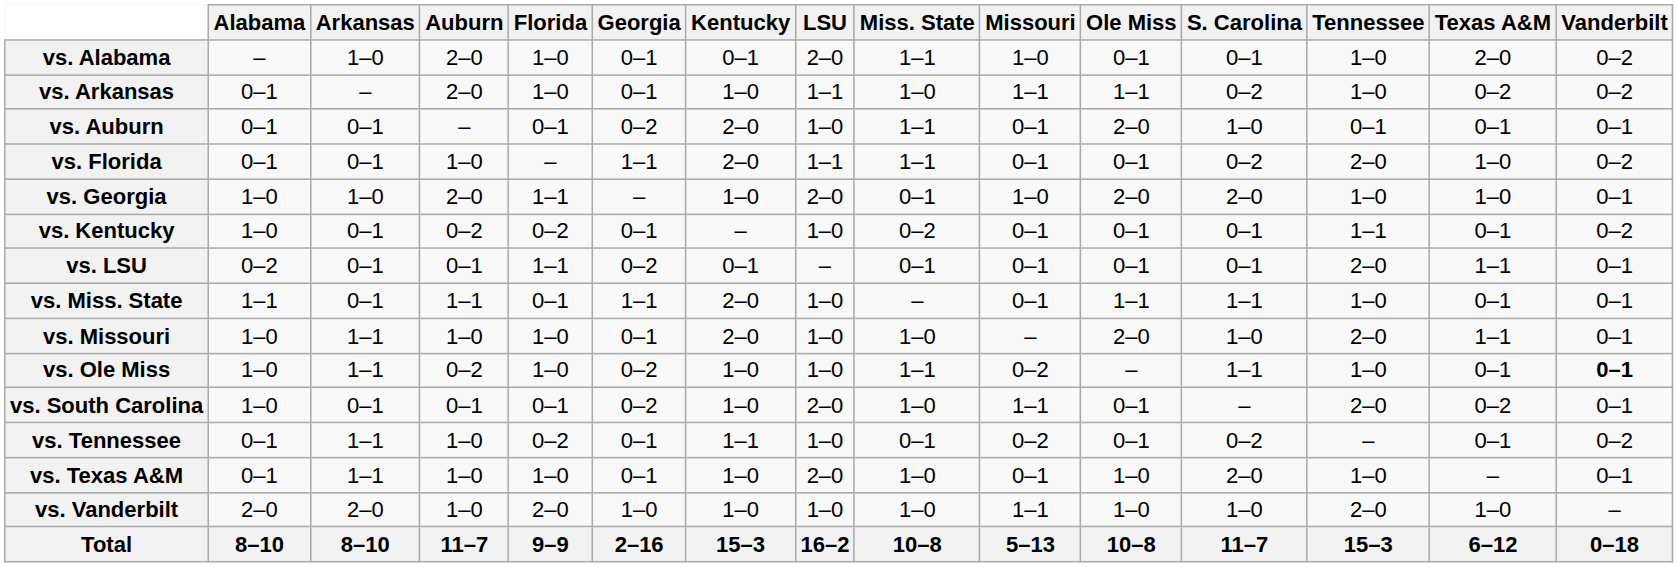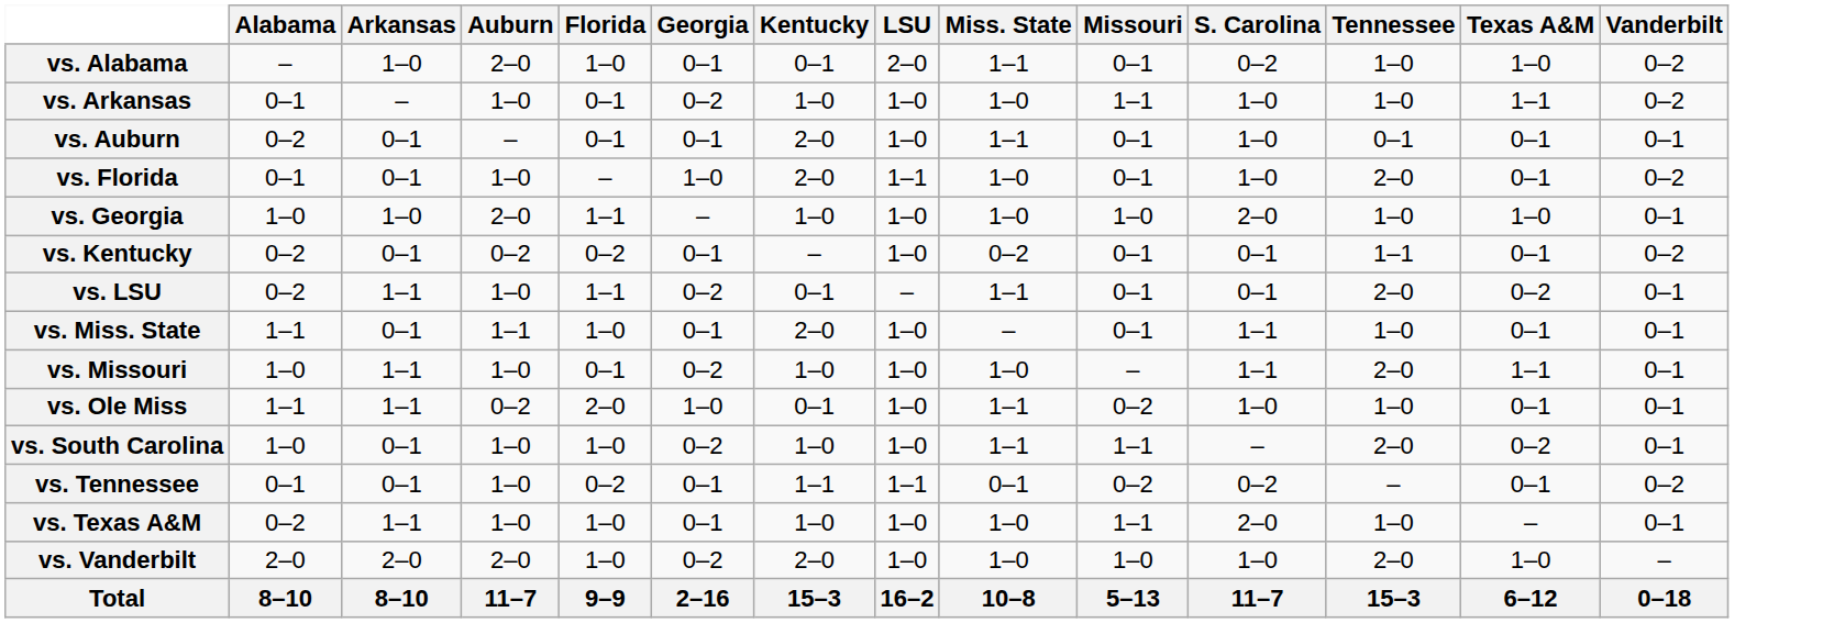 <table class="wikitable" style="white-space:nowrap; font-size:90%;">
 <tr>
 <td style="background:white; border-top-style:hidden; border-left-style:hidden;"></td>
 <th>Alabama</th>
 <th>Arkansas</th>
 <th>Auburn</th>
 <th>Florida</th>
 <th>Georgia</th>
 <th>Kentucky</th>
 <th>LSU</th>
 <th>Miss. State</th>
 <th>Missouri</th>
-<th>Ole Miss</th>
 <th>S. Carolina</th>
 <th>Tennessee</th>
 <th>Texas A&M</th>
 <th>Vanderbilt</th>
 </tr>
 <tr style="text-align:center;">
 <th>vs. Alabama</th>
 <td>–</td>
 <td>1–0</td>
 <td>2–0</td>
 <td>1–0</td>
 <td>0–1</td>
 <td>0–1</td>
 <td>2–0</td>
 <td>1–1</td>
+<td>0–1</td>
+<td>0–2</td>
 <td>1–0</td>
-<td>0–1</td>
-<td>0–1</td>
 <td>1–0</td>
-<td>2–0</td>
 <td>0–2</td>
 </tr>
 <tr style="text-align:center;">
 <th>vs. Arkansas</th>
 <td>0–1</td>
 <td>–</td>
-<td>2–0</td>
 <td>1–0</td>
 <td>0–1</td>
+<td>0–2</td>
+<td>1–0</td>
+<td>1–0</td>
 <td>1–0</td>
 <td>1–1</td>
 <td>1–0</td>
+<td>1–0</td>
 <td>1–1</td>
-<td>1–1</td>
-<td>0–2</td>
-<td>1–0</td>
-<td>0–2</td>
 <td>0–2</td>
 </tr>
 <tr style="text-align:center;">
 <th>vs. Auburn</th>
-<td>0–1</td>
+<td>0–2</td>
 <td>0–1</td>
 <td>–</td>
 <td>0–1</td>
-<td>0–2</td>
+<td>0–1</td>
 <td>2–0</td>
 <td>1–0</td>
 <td>1–1</td>
 <td>0–1</td>
-<td>2–0</td>
 <td>1–0</td>
 <td>0–1</td>
 <td>0–1</td>
 <td>0–1</td>
 </tr>
 <tr style="text-align:center;">
 <th>vs. Florida</th>
 <td>0–1</td>
 <td>0–1</td>
 <td>1–0</td>
 <td>–</td>
-<td>1–1</td>
+<td>1–0</td>
 <td>2–0</td>
 <td>1–1</td>
-<td>1–1</td>
+<td>1–0</td>
 <td>0–1</td>
+<td>1–0</td>
+<td>2–0</td>
 <td>0–1</td>
-<td>0–2</td>
-<td>2–0</td>
-<td>1–0</td>
 <td>0–2</td>
 </tr>
 <tr style="text-align:center;">
 <th>vs. Georgia</th>
 <td>1–0</td>
 <td>1–0</td>
 <td>2–0</td>
 <td>1–1</td>
 <td>–</td>
 <td>1–0</td>
-<td>2–0</td>
-<td>0–1</td>
 <td>1–0</td>
-<td>2–0</td>
+<td>1–0</td>
+<td>1–0</td>
 <td>2–0</td>
 <td>1–0</td>
 <td>1–0</td>
 <td>0–1</td>
 </tr>
 <tr style="text-align:center;">
 <th>vs. Kentucky</th>
-<td>1–0</td>
+<td>0–2</td>
 <td>0–1</td>
 <td>0–2</td>
 <td>0–2</td>
 <td>0–1</td>
 <td>–</td>
 <td>1–0</td>
 <td>0–2</td>
 <td>0–1</td>
 <td>0–1</td>
-<td>0–1</td>
 <td>1–1</td>
 <td>0–1</td>
 <td>0–2</td>
 </tr>
 <tr style="text-align:center;">
 <th>vs. LSU</th>
 <td>0–2</td>
-<td>0–1</td>
-<td>0–1</td>
+<td>1–1</td>
+<td>1–0</td>
 <td>1–1</td>
 <td>0–2</td>
 <td>0–1</td>
 <td>–</td>
-<td>0–1</td>
-<td>0–1</td>
+<td>1–1</td>
 <td>0–1</td>
 <td>0–1</td>
 <td>2–0</td>
-<td>1–1</td>
+<td>0–2</td>
 <td>0–1</td>
 </tr>
 <tr style="text-align:center;">
 <th>vs. Miss. State</th>
 <td>1–1</td>
 <td>0–1</td>
 <td>1–1</td>
+<td>1–0</td>
 <td>0–1</td>
-<td>1–1</td>
 <td>2–0</td>
 <td>1–0</td>
 <td>–</td>
 <td>0–1</td>
-<td>1–1</td>
 <td>1–1</td>
 <td>1–0</td>
 <td>0–1</td>
 <td>0–1</td>
 </tr>
 <tr style="text-align:center;">
 <th>vs. Missouri</th>
 <td>1–0</td>
 <td>1–1</td>
 <td>1–0</td>
+<td>0–1</td>
+<td>0–2</td>
 <td>1–0</td>
-<td>0–1</td>
-<td>2–0</td>
 <td>1–0</td>
 <td>1–0</td>
 <td>–</td>
-<td>2–0</td>
-<td>1–0</td>
+<td>1–1</td>
 <td>2–0</td>
 <td>1–1</td>
 <td>0–1</td>
 </tr>
 <tr style="text-align:center;">
 <th>vs. Ole Miss</th>
+<td>1–1</td>
+<td>1–1</td>
+<td>0–2</td>
+<td>2–0</td>
+<td>1–0</td>
+<td>0–1</td>
 <td>1–0</td>
 <td>1–1</td>
 <td>0–2</td>
+<td>1–0</td>
+<td>1–0</td>
+<td>0–1</td>
+<td>0–1</td>
+</tr>
+<tr style="text-align:center;">
+<th>vs. South Carolina</th>
+<td>1–0</td>
+<td>0–1</td>
+<td>1–0</td>
 <td>1–0</td>
 <td>0–2</td>
 <td>1–0</td>
 <td>1–0</td>
 <td>1–1</td>
-<td>0–2</td>
-<td>–</td>
 <td>1–1</td>
-<td>1–0</td>
-<td>0–1</td>
-<td><strong>0–1</strong></td>
-</tr>
-<tr style="text-align:center;">
-<th>vs. South Carolina</th>
-<td>1–0</td>
-<td>0–1</td>
-<td>0–1</td>
-<td>0–1</td>
-<td>0–2</td>
-<td>1–0</td>
-<td>2–0</td>
-<td>1–0</td>
-<td>1–1</td>
-<td>0–1</td>
 <td>–</td>
 <td>2–0</td>
 <td>0–2</td>
 <td>0–1</td>
 </tr>
 <tr style="text-align:center;">
 <th>vs. Tennessee</th>
 <td>0–1</td>
-<td>1–1</td>
+<td>0–1</td>
 <td>1–0</td>
 <td>0–2</td>
 <td>0–1</td>
 <td>1–1</td>
-<td>1–0</td>
+<td>1–1</td>
 <td>0–1</td>
 <td>0–2</td>
-<td>0–1</td>
 <td>0–2</td>
 <td>–</td>
 <td>0–1</td>
 <td>0–2</td>
 </tr>
 <tr style="text-align:center;">
 <th>vs. Texas A&M</th>
-<td>0–1</td>
+<td>0–2</td>
 <td>1–1</td>
 <td>1–0</td>
 <td>1–0</td>
 <td>0–1</td>
 <td>1–0</td>
-<td>2–0</td>
 <td>1–0</td>
-<td>0–1</td>
 <td>1–0</td>
+<td>1–1</td>
 <td>2–0</td>
 <td>1–0</td>
 <td>–</td>
 <td>0–1</td>
 </tr>
 <tr style="text-align:center;">
 <th>vs. Vanderbilt</th>
 <td>2–0</td>
 <td>2–0</td>
+<td>2–0</td>
 <td>1–0</td>
+<td>0–2</td>
 <td>2–0</td>
 <td>1–0</td>
 <td>1–0</td>
-<td>1–0</td>
-<td>1–0</td>
-<td>1–1</td>
 <td>1–0</td>
 <td>1–0</td>
 <td>2–0</td>
 <td>1–0</td>
 <td>–</td>
 </tr>
 <tr style="text-align:center;">
 <th>Total</th>
 <th>8–10</th>
 <th>8–10</th>
 <th>11–7</th>
 <th>9–9</th>
 <th>2–16</th>
 <th>15–3</th>
 <th>16–2</th>
 <th>10–8</th>
 <th>5–13</th>
-<th>10–8</th>
 <th>11–7</th>
 <th>15–3</th>
 <th>6–12</th>
 <th>0–18</th>
 </tr>
 </table>
